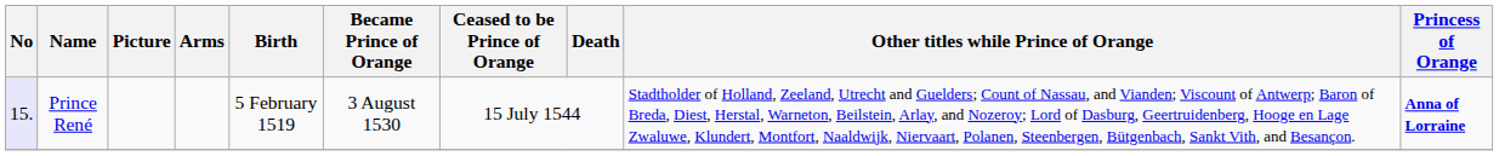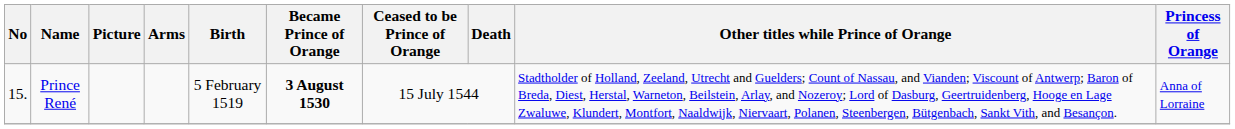 <table width=100% class="wikitable">
 <tr>
 <th>No</th>
 <th>Name</th>
 <th>Picture</th>
 <th>Arms</th>
 <th>Birth</th>
 <th>Became Prince of Orange</th>
 <th>Ceased to be Prince of Orange</th>
 <th>Death</th>
 <th>Other titles while Prince of Orange</th>
 <th><a href='#'>Princess<br>of<br>Orange</a></th>
 </tr>
 <tr>
-<td align="center" style="background: lavender;">15.</td>
+<td align="center">15.</td>
 <td align="center"><a href='#'>Prince René</a></td>
 <td align="center"></td>
 <td align="center"></td>
 <td align="center">5 February 1519</td>
-<td align="center">3 August 1530</td>
+<td align="center"><strong>3 August 1530</strong></td>
 <td align="center" colspan="2">15 July 1544</td>
 <td align="left"><small><a href='#'>Stadtholder</a> of <a href='#'>Holland</a>, <a href='#'>Zeeland</a>, <a href='#'>Utrecht</a> and <a href='#'>Guelders</a>; <a href='#'>Count of Nassau</a>, and <a href='#'>Vianden</a>; <a href='#'>Viscount</a> of <a href='#'>Antwerp</a>; <a href='#'>Baron</a> of <a href='#'>Breda</a>, <a href='#'>Diest</a>, <a href='#'>Herstal</a>, <a href='#'>Warneton</a>, <a href='#'>Beilstein</a>, <a href='#'>Arlay</a>, and <a href='#'>Nozeroy</a>; <a href='#'>Lord</a> of <a href='#'>Dasburg</a>, <a href='#'>Geertruidenberg</a>, <a href='#'>Hooge en Lage Zwaluwe</a>, <a href='#'>Klundert</a>, <a href='#'>Montfort</a>, <a href='#'>Naaldwijk</a>, <a href='#'>Niervaart</a>, <a href='#'>Polanen</a>, <a href='#'>Steenbergen</a>, <a href='#'>Bütgenbach</a>, <a href='#'>Sankt Vith</a>, and <a href='#'>Besançon</a>.</small></td>
-<td><strong><small><a href='#'>Anna of Lorraine</a></small></strong></td>
+<td><small><a href='#'>Anna of Lorraine</a></small></td>
 </tr>
 <tr>
 </tr>
 </table>
